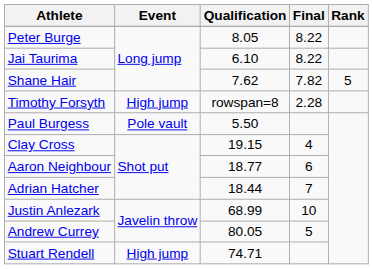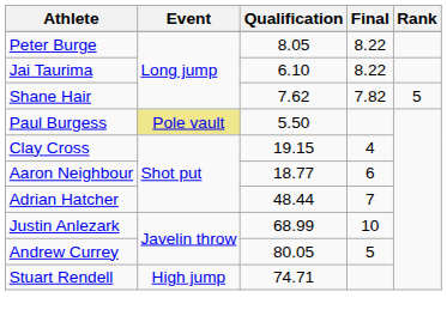 <table class="wikitable" style="font-size:90%">
 <tr>
 <th rowspan=1>Athlete</th>
 <th rowspan=1>Event</th>
 <th colspan=1>Qualification</th>
 <th colspan=1>Final</th>
 <th colspan=1>Rank</th>
 </tr>
 <tr style="font-size:95%">
 </tr>
 <tr align=center>
 <td align=left><a href='#'>Peter Burge</a></td>
 <td align=left rowspan=3><a href='#'>Long jump</a></td>
 <td>8.05</td>
 <td>8.22</td>
 <td></td>
 </tr>
 <tr align=center>
 <td align=left><a href='#'>Jai Taurima</a></td>
 <td>6.10</td>
 <td>8.22</td>
 <td></td>
 </tr>
 <tr align=center>
 <td align=left><a href='#'>Shane Hair</a></td>
 <td>7.62</td>
 <td>7.82</td>
 <td>5</td>
 </tr>
 <tr align=center>
-<td align=left><a href='#'>Timothy Forsyth</a></td>
-<td><a href='#'>High jump</a></td>
-<td>rowspan=8 </td>
-<td>2.28</td>
-<td></td>
-</tr>
-<tr align=center>
 <td align=left><a href='#'>Paul Burgess</a></td>
-<td><a href='#'>Pole vault</a></td>
+<td style="background: khaki;"><a href='#'>Pole vault</a></td>
 <td>5.50</td>
 <td></td>
 </tr>
 <tr align=center>
 <td align=left><a href='#'>Clay Cross</a></td>
 <td align=left rowspan=3><a href='#'>Shot put</a></td>
 <td>19.15</td>
 <td>4</td>
 </tr>
 <tr align=center>
 <td align=left><a href='#'>Aaron Neighbour</a></td>
 <td>18.77</td>
 <td>6</td>
 </tr>
 <tr align=center>
 <td align=left><a href='#'>Adrian Hatcher</a></td>
-<td>18.44</td>
+<td>48.44</td>
 <td>7</td>
 </tr>
 <tr align=center>
 <td align=left><a href='#'>Justin Anlezark</a></td>
 <td align=left rowspan=2><a href='#'>Javelin throw</a></td>
 <td>68.99</td>
 <td>10</td>
 </tr>
 <tr align=center>
 <td align=left><a href='#'>Andrew Currey</a></td>
 <td>80.05</td>
 <td>5</td>
 </tr>
 <tr align=center>
 <td align=left><a href='#'>Stuart Rendell</a></td>
 <td><a href='#'>High jump</a></td>
 <td>74.71</td>
 <td></td>
 </tr>
 </table>
